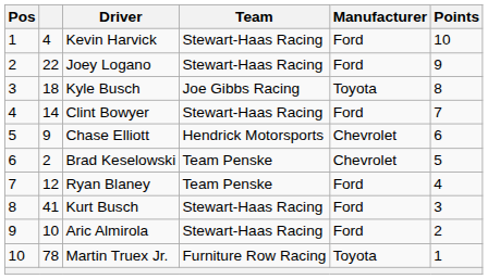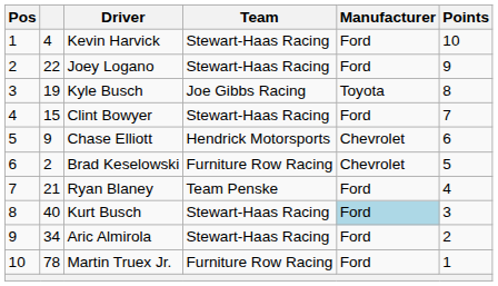 <table class="wikitable" style="font-size:98%">
 <tr>
 <th>Pos</th>
 <th></th>
 <th>Driver</th>
 <th>Team</th>
 <th>Manufacturer</th>
 <th>Points</th>
 </tr>
 <tr>
 <td>1</td>
 <td>4</td>
 <td>Kevin Harvick</td>
 <td>Stewart-Haas Racing</td>
 <td>Ford</td>
 <td>10</td>
 </tr>
 <tr>
 <td>2</td>
 <td>22</td>
 <td>Joey Logano</td>
 <td>Stewart-Haas Racing</td>
 <td>Ford</td>
 <td>9</td>
 </tr>
 <tr>
 <td>3</td>
-<td>18</td>
+<td>19</td>
 <td>Kyle Busch</td>
 <td>Joe Gibbs Racing</td>
 <td>Toyota</td>
 <td>8</td>
 </tr>
 <tr>
 <td>4</td>
-<td>14</td>
+<td>15</td>
 <td>Clint Bowyer</td>
 <td>Stewart-Haas Racing</td>
 <td>Ford</td>
 <td>7</td>
 </tr>
 <tr>
 <td>5</td>
 <td>9</td>
 <td>Chase Elliott</td>
 <td>Hendrick Motorsports</td>
 <td>Chevrolet</td>
 <td>6</td>
 </tr>
 <tr>
 <td>6</td>
 <td>2</td>
 <td>Brad Keselowski</td>
-<td>Team Penske</td>
+<td>Furniture Row Racing</td>
 <td>Chevrolet</td>
 <td>5</td>
 </tr>
 <tr>
 <td>7</td>
-<td>12</td>
+<td>21</td>
 <td>Ryan Blaney</td>
 <td>Team Penske</td>
 <td>Ford</td>
 <td>4</td>
 </tr>
 <tr>
 <td>8</td>
-<td>41</td>
+<td>40</td>
 <td>Kurt Busch</td>
 <td>Stewart-Haas Racing</td>
-<td>Ford</td>
+<td style="background: lightblue;">Ford</td>
 <td>3</td>
 </tr>
 <tr>
 <td>9</td>
-<td>10</td>
+<td>34</td>
 <td>Aric Almirola</td>
 <td>Stewart-Haas Racing</td>
 <td>Ford</td>
 <td>2</td>
 </tr>
 <tr>
 <td>10</td>
 <td>78</td>
 <td>Martin Truex Jr.</td>
 <td>Furniture Row Racing</td>
-<td>Toyota</td>
+<td>Ford</td>
 <td>1</td>
 </tr>
 <tr>
 <th colspan="6"></th>
 </tr>
 </table>
